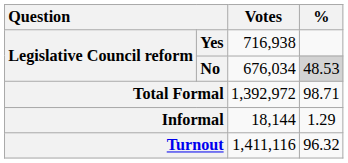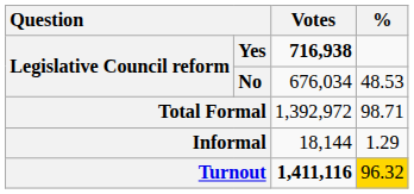 <table class="wikitable" align="center">
 <tr ---->
 <th colspan="2" style="text-align:left">Question</th>
 <th>Votes</th>
 <th>%</th>
 </tr>
 <tr>
 <th rowspan="2" style="text-align:left">Legislative Council reform</th>
 <th style="text-align:left">Yes</th>
-<td align="right">716,938</td>
+<td align="right"><strong>716,938</strong></td>
 <td></td>
 </tr>
 <tr>
 <th style="text-align:left">No</th>
 <td align="right">676,034</td>
-<td align="center" style="background: lightgrey;">48.53</td>
+<td align="center">48.53</td>
 </tr>
 <tr>
 <th colspan="2" style="text-align:right">Total Formal</th>
 <td align="right">1,392,972</td>
 <td align="center">98.71</td>
 </tr>
 <tr>
 <th colspan="2" style="text-align:right">Informal</th>
 <td align="right">18,144</td>
 <td align="center">1.29</td>
 </tr>
 <tr>
 <th colspan="2" style="text-align:right"><a href='#'>Turnout</a></th>
-<td align="right">1,411,116</td>
-<td align="center">96.32</td>
+<td align="right"><strong>1,411,116</strong></td>
+<td align="center" style="background: gold;">96.32</td>
 </tr>
 </table>
